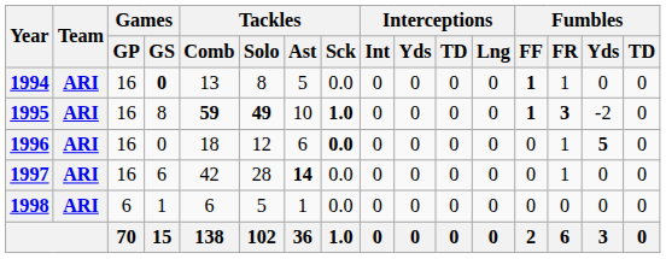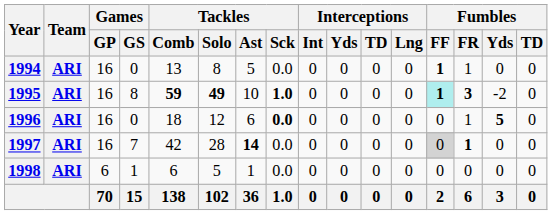 <table class="wikitable" style="text-align:center">
 <tr>
 <th rowspan="2">Year</th>
 <th rowspan="2">Team</th>
 <th colspan="2">Games</th>
 <th colspan="4">Tackles</th>
 <th colspan="4">Interceptions</th>
 <th colspan="4">Fumbles</th>
 </tr>
 <tr>
 <th>GP</th>
 <th>GS</th>
 <th>Comb</th>
 <th>Solo</th>
 <th>Ast</th>
 <th>Sck</th>
 <th>Int</th>
 <th>Yds</th>
 <th>TD</th>
 <th>Lng</th>
 <th>FF</th>
 <th>FR</th>
 <th>Yds</th>
 <th>TD</th>
 </tr>
 <tr>
 <th><a href='#'>1994</a></th>
 <th><a href='#'>ARI</a></th>
 <td>16</td>
-<td><strong>0</strong></td>
+<td>0</td>
 <td>13</td>
 <td>8</td>
 <td>5</td>
 <td>0.0</td>
 <td>0</td>
 <td>0</td>
 <td>0</td>
 <td>0</td>
 <td><strong>1</strong></td>
 <td>1</td>
 <td>0</td>
 <td>0</td>
 </tr>
 <tr>
 <th><a href='#'>1995</a></th>
 <th><a href='#'>ARI</a></th>
 <td>16</td>
 <td>8</td>
 <td><strong>59</strong></td>
 <td><strong>49</strong></td>
 <td>10</td>
 <td><strong>1.0</strong></td>
 <td>0</td>
 <td>0</td>
 <td>0</td>
 <td>0</td>
-<td><strong>1</strong></td>
+<td style="background: paleturquoise;"><strong>1</strong></td>
 <td><strong>3</strong></td>
 <td>-2</td>
 <td>0</td>
 </tr>
 <tr>
 <th><a href='#'>1996</a></th>
 <th><a href='#'>ARI</a></th>
 <td>16</td>
 <td>0</td>
 <td>18</td>
 <td>12</td>
 <td>6</td>
 <td><strong>0.0</strong></td>
 <td>0</td>
 <td>0</td>
 <td>0</td>
 <td>0</td>
 <td>0</td>
 <td>1</td>
 <td><strong>5</strong></td>
 <td>0</td>
 </tr>
 <tr>
 <th><a href='#'>1997</a></th>
 <th><a href='#'>ARI</a></th>
 <td>16</td>
-<td>6</td>
+<td>7</td>
 <td>42</td>
 <td>28</td>
 <td><strong>14</strong></td>
 <td>0.0</td>
 <td>0</td>
 <td>0</td>
 <td>0</td>
 <td>0</td>
-<td>0</td>
-<td>1</td>
+<td style="background: lightgrey;">0</td>
+<td><strong>1</strong></td>
 <td>0</td>
 <td>0</td>
 </tr>
 <tr>
 <th><a href='#'>1998</a></th>
 <th><a href='#'>ARI</a></th>
 <td>6</td>
 <td>1</td>
 <td>6</td>
 <td>5</td>
 <td>1</td>
 <td>0.0</td>
 <td>0</td>
 <td>0</td>
 <td>0</td>
 <td>0</td>
 <td>0</td>
 <td>0</td>
 <td>0</td>
 <td>0</td>
 </tr>
 <tr>
 <th colspan="2"></th>
 <th>70</th>
 <th>15</th>
 <th>138</th>
 <th>102</th>
 <th>36</th>
 <th>1.0</th>
 <th>0</th>
 <th>0</th>
 <th>0</th>
 <th>0</th>
 <th>2</th>
 <th>6</th>
 <th>3</th>
 <th>0</th>
 </tr>
 </table>
